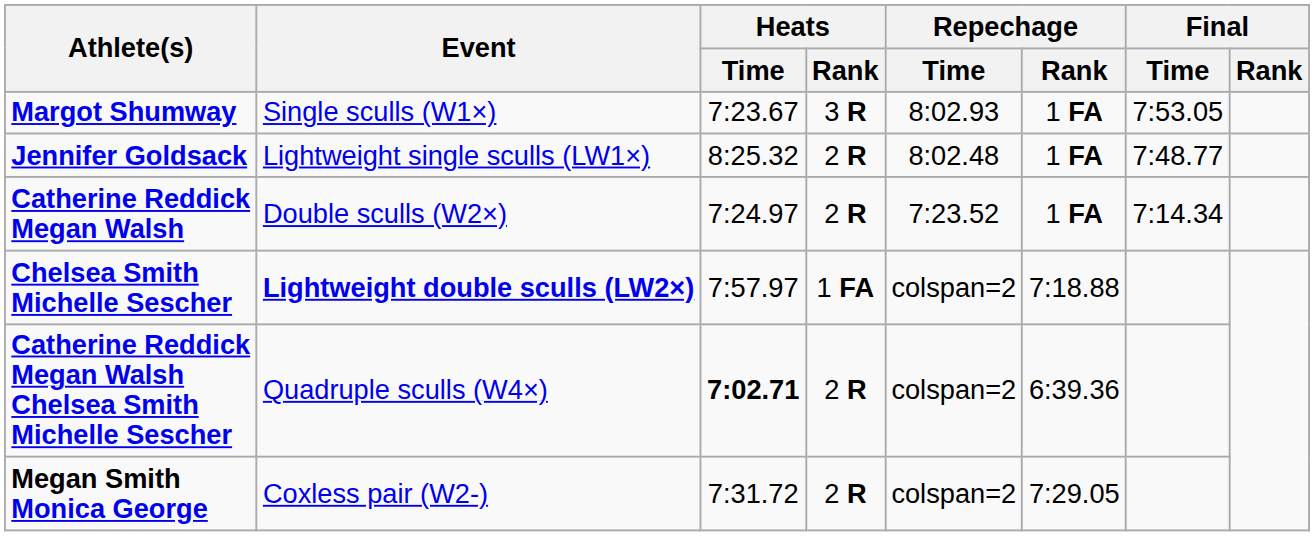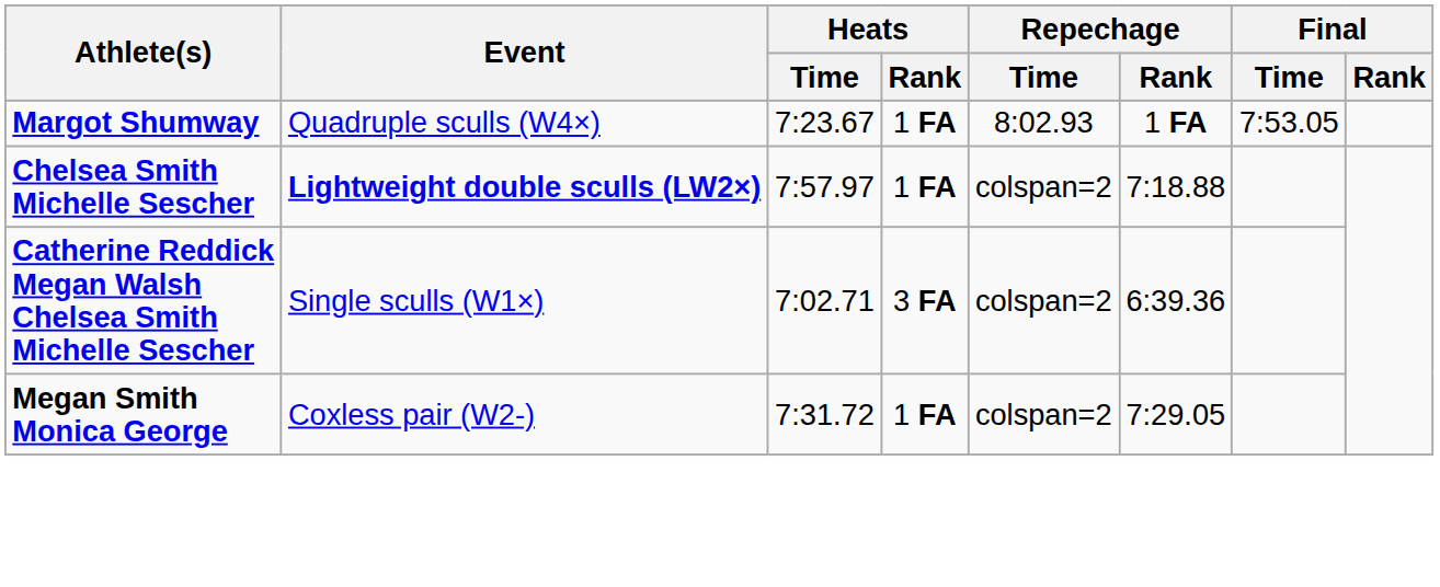 <table class="wikitable" style="font-size:90%">
 <tr>
 <th rowspan=2>Athlete(s)</th>
 <th rowspan=2>Event</th>
 <th colspan=2>Heats</th>
 <th colspan=2>Repechage</th>
 <th colspan=2>Final</th>
 </tr>
 <tr>
 <th>Time</th>
 <th>Rank</th>
 <th>Time</th>
 <th>Rank</th>
 <th>Time</th>
 <th>Rank</th>
 </tr>
 <tr align=center>
 <td align=left><strong><a href='#'>Margot Shumway</a></strong></td>
-<td align=left><a href='#'>Single sculls (W1×)</a></td>
+<td align=left><a href='#'>Quadruple sculls (W4×)</a></td>
 <td>7:23.67</td>
-<td>3 <strong>R</strong></td>
+<td>1 <strong>FA</strong></td>
 <td>8:02.93</td>
 <td>1 <strong>FA</strong></td>
 <td>7:53.05</td>
-<td></td>
-</tr>
-<tr align=center>
-<td align=left><strong><a href='#'>Jennifer Goldsack</a></strong></td>
-<td align=left><a href='#'>Lightweight single sculls (LW1×)</a></td>
-<td>8:25.32</td>
-<td>2 <strong>R</strong></td>
-<td>8:02.48</td>
-<td>1 <strong>FA</strong></td>
-<td>7:48.77</td>
-<td></td>
-</tr>
-<tr align=center>
-<td align=left><strong><a href='#'>Catherine Reddick</a><br><a href='#'>Megan Walsh</a></strong></td>
-<td align=left><a href='#'>Double sculls (W2×)</a></td>
-<td>7:24.97</td>
-<td>2 <strong>R</strong></td>
-<td>7:23.52</td>
-<td>1 <strong>FA</strong></td>
-<td>7:14.34</td>
 <td></td>
 </tr>
 <tr align=center>
 <td align=left><strong><a href='#'>Chelsea Smith</a><br><a href='#'>Michelle Sescher</a></strong></td>
 <td align=left><strong><a href='#'>Lightweight double sculls (LW2×)</a></strong></td>
 <td>7:57.97</td>
 <td>1 <strong>FA</strong></td>
 <td>colspan=2 </td>
 <td>7:18.88</td>
 <td></td>
 </tr>
 <tr align=center>
 <td align=left><strong><a href='#'>Catherine Reddick</a><br><a href='#'>Megan Walsh</a><br><a href='#'>Chelsea Smith</a><br><a href='#'>Michelle Sescher</a></strong></td>
-<td align=left><a href='#'>Quadruple sculls (W4×)</a></td>
-<td><strong>7:02.71</strong></td>
-<td>2 <strong>R</strong></td>
+<td align=left><a href='#'>Single sculls (W1×)</a></td>
+<td>7:02.71</td>
+<td>3 <strong>FA</strong></td>
 <td>colspan=2 </td>
 <td>6:39.36</td>
 <td></td>
 </tr>
 <tr align=center>
 <td align=left><strong>Megan Smith<br><a href='#'>Monica George</a></strong></td>
 <td align=left><a href='#'>Coxless pair (W2-)</a></td>
 <td>7:31.72</td>
-<td>2 <strong>R</strong></td>
+<td>1 <strong>FA</strong></td>
 <td>colspan=2 </td>
 <td>7:29.05</td>
 <td></td>
 </tr>
 </table>
